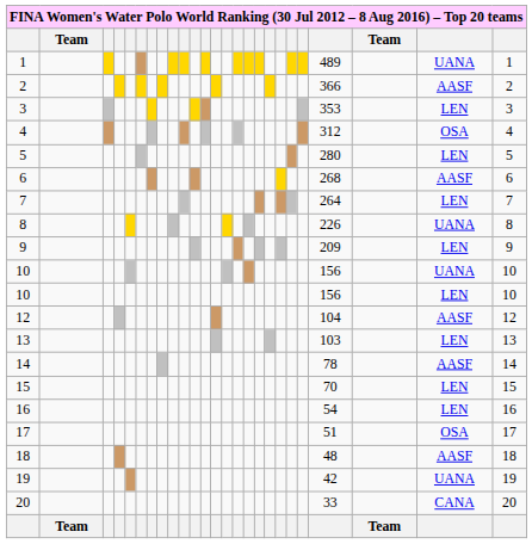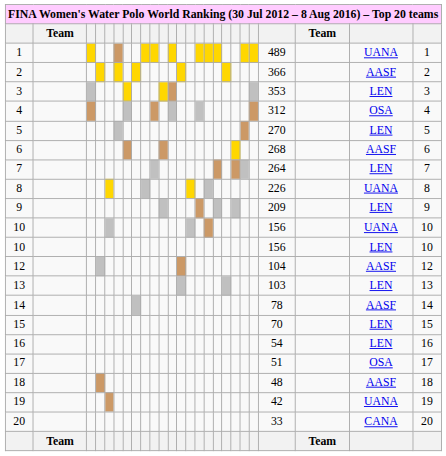 <table class="wikitable" style="text-align: center; font-size: 80%; margin-left: 1em;">
 <tr>
 <th colspan="25" style="background-color: #ffccff;">FINA Women's Water Polo World Ranking (30 Jul 2012 – 8 Aug 2016) – Top 20 teams</th>
 </tr>
 <tr>
 <th></th>
 <th>Team</th>
 <th><a href='#'></a></th>
 <th><a href='#'></a></th>
 <th><a href='#'></a></th>
 <th><a href='#'></a></th>
 <th><a href='#'></a></th>
 <th><a href='#'></a></th>
 <th><a href='#'></a></th>
 <th><a href='#'></a></th>
 <th><a href='#'></a></th>
 <th><a href='#'></a></th>
 <th><a href='#'></a></th>
 <th><a href='#'></a></th>
 <th><a href='#'></a></th>
 <th><a href='#'></a></th>
 <th><a href='#'></a></th>
 <th><a href='#'></a></th>
 <th><a href='#'></a></th>
 <th><a href='#'></a></th>
 <th><a href='#'></a></th>
 <th></th>
 <th>Team</th>
 <th></th>
 <th></th>
 </tr>
 <tr>
 <td>1</td>
 <td style="text-align: left;"></td>
 <td style="background-color: gold;"></td>
 <td></td>
 <td></td>
 <td style="background-color: #cc9966;"></td>
 <td></td>
 <td></td>
 <td style="background-color: gold;"></td>
 <td style="background-color: gold;"></td>
 <td></td>
 <td style="background-color: gold;"></td>
 <td></td>
 <td></td>
 <td style="background-color: gold;"></td>
 <td style="background-color: gold;"></td>
 <td style="background-color: gold;"></td>
 <td></td>
 <td></td>
 <td style="background-color: gold;"></td>
 <td style="background-color: gold;"></td>
 <td>489</td>
 <td style="text-align: left;"></td>
 <td><a href='#'>UANA</a></td>
 <td>1</td>
 </tr>
 <tr>
 <td>2</td>
 <td style="text-align: left;"></td>
 <td></td>
 <td style="background-color: gold;"></td>
 <td></td>
 <td style="background-color: gold;"></td>
 <td></td>
 <td style="background-color: gold;"></td>
 <td></td>
 <td></td>
 <td></td>
 <td></td>
 <td style="background-color: gold;"></td>
 <td></td>
 <td></td>
 <td></td>
 <td></td>
 <td style="background-color: gold;"></td>
 <td></td>
 <td></td>
 <td></td>
 <td>366</td>
 <td style="text-align: left;"></td>
 <td><a href='#'>AASF</a></td>
 <td>2</td>
 </tr>
 <tr>
 <td>3</td>
 <td style="text-align: left;"></td>
 <td style="background-color: silver;"></td>
 <td></td>
 <td></td>
 <td></td>
 <td style="background-color: gold;"></td>
 <td></td>
 <td></td>
 <td></td>
 <td style="background-color: gold;"></td>
 <td style="background-color: #cc9966;"></td>
 <td></td>
 <td></td>
 <td></td>
 <td></td>
 <td></td>
 <td></td>
 <td></td>
 <td></td>
 <td style="background-color: silver;"></td>
 <td>353</td>
 <td style="text-align: left;"></td>
 <td><a href='#'>LEN</a></td>
 <td>3</td>
 </tr>
 <tr>
 <td>4</td>
 <td style="text-align: left;"></td>
 <td style="background-color: #cc9966;"></td>
 <td></td>
 <td></td>
 <td></td>
 <td style="background-color: silver;"></td>
 <td></td>
 <td></td>
 <td style="background-color: #cc9966;"></td>
 <td></td>
 <td style="background-color: silver;"></td>
 <td></td>
 <td></td>
 <td style="background-color: silver;"></td>
 <td></td>
 <td></td>
 <td></td>
 <td></td>
 <td></td>
 <td style="background-color: #cc9966;"></td>
 <td>312</td>
 <td style="text-align: left;"></td>
 <td><a href='#'>OSA</a></td>
 <td>4</td>
 </tr>
 <tr>
 <td>5</td>
 <td style="text-align: left;"></td>
 <td></td>
 <td></td>
 <td></td>
 <td style="background-color: silver;"></td>
 <td></td>
 <td></td>
 <td></td>
 <td></td>
 <td></td>
 <td></td>
 <td></td>
 <td></td>
 <td></td>
 <td></td>
 <td></td>
 <td></td>
 <td></td>
 <td style="background-color: #cc9966;"></td>
 <td></td>
-<td>280</td>
+<td>270</td>
 <td style="text-align: left;"></td>
 <td><a href='#'>LEN</a></td>
 <td>5</td>
 </tr>
 <tr>
 <td>6</td>
 <td style="text-align: left;"></td>
 <td></td>
 <td></td>
 <td></td>
 <td></td>
 <td style="background-color: #cc9966;"></td>
 <td></td>
 <td></td>
 <td></td>
 <td style="background-color: #cc9966;"></td>
 <td></td>
 <td></td>
 <td></td>
 <td></td>
 <td></td>
 <td></td>
 <td></td>
 <td style="background-color: gold;"></td>
 <td></td>
 <td></td>
 <td>268</td>
 <td style="text-align: left;"></td>
 <td><a href='#'>AASF</a></td>
 <td>6</td>
 </tr>
 <tr>
 <td>7</td>
 <td style="text-align: left;"></td>
 <td></td>
 <td></td>
 <td></td>
 <td></td>
 <td></td>
 <td></td>
 <td></td>
 <td style="background-color: silver;"></td>
 <td></td>
 <td></td>
 <td></td>
 <td></td>
 <td></td>
 <td></td>
 <td style="background-color: #cc9966;"></td>
 <td></td>
 <td style="background-color: #cc9966;"></td>
 <td style="background-color: silver;"></td>
 <td></td>
 <td>264</td>
 <td style="text-align: left;"></td>
 <td><a href='#'>LEN</a></td>
 <td>7</td>
 </tr>
 <tr>
 <td>8</td>
 <td style="text-align: left;"></td>
 <td></td>
 <td></td>
 <td style="background-color: gold;"></td>
 <td></td>
 <td></td>
 <td></td>
 <td style="background-color: silver;"></td>
 <td></td>
 <td></td>
 <td></td>
 <td></td>
 <td style="background-color: gold;"></td>
 <td></td>
 <td style="background-color: silver;"></td>
 <td></td>
 <td></td>
 <td></td>
 <td></td>
 <td></td>
 <td>226</td>
 <td style="text-align: left;"></td>
 <td><a href='#'>UANA</a></td>
 <td>8</td>
 </tr>
 <tr>
 <td>9</td>
 <td style="text-align: left;"></td>
 <td></td>
 <td></td>
 <td></td>
 <td></td>
 <td></td>
 <td></td>
 <td></td>
 <td></td>
 <td style="background-color: silver;"></td>
 <td></td>
 <td></td>
 <td></td>
 <td style="background-color: #cc9966;"></td>
 <td></td>
 <td style="background-color: silver;"></td>
 <td></td>
 <td style="background-color: silver;"></td>
 <td></td>
 <td></td>
 <td>209</td>
 <td style="text-align: left;"></td>
 <td><a href='#'>LEN</a></td>
 <td>9</td>
 </tr>
 <tr>
 <td>10</td>
 <td style="text-align: left;"></td>
 <td></td>
 <td></td>
 <td style="background-color: silver;"></td>
 <td></td>
 <td></td>
 <td></td>
 <td></td>
 <td></td>
 <td></td>
 <td></td>
 <td></td>
 <td style="background-color: silver;"></td>
 <td></td>
 <td style="background-color: #cc9966;"></td>
 <td></td>
 <td></td>
 <td></td>
 <td></td>
 <td></td>
 <td>156</td>
 <td style="text-align: left;"></td>
 <td><a href='#'>UANA</a></td>
 <td>10</td>
 </tr>
 <tr>
 <td>10</td>
 <td style="text-align: left;"></td>
 <td></td>
 <td></td>
 <td></td>
 <td></td>
 <td></td>
 <td></td>
 <td></td>
 <td></td>
 <td></td>
 <td></td>
 <td></td>
 <td></td>
 <td></td>
 <td></td>
 <td></td>
 <td></td>
 <td></td>
 <td></td>
 <td></td>
 <td>156</td>
 <td style="text-align: left;"></td>
 <td><a href='#'>LEN</a></td>
 <td>10</td>
 </tr>
 <tr>
 <td>12</td>
 <td style="text-align: left;"></td>
 <td></td>
 <td style="background-color: silver;"></td>
 <td></td>
 <td></td>
 <td></td>
 <td></td>
 <td></td>
 <td></td>
 <td></td>
 <td></td>
 <td style="background-color: #cc9966;"></td>
 <td></td>
 <td></td>
 <td></td>
 <td></td>
 <td></td>
 <td></td>
 <td></td>
 <td></td>
 <td>104</td>
 <td style="text-align: left;"></td>
 <td><a href='#'>AASF</a></td>
 <td>12</td>
 </tr>
 <tr>
 <td>13</td>
 <td style="text-align: left;"></td>
 <td></td>
 <td></td>
 <td></td>
 <td></td>
 <td></td>
 <td></td>
 <td></td>
 <td></td>
 <td></td>
 <td></td>
 <td style="background-color: silver;"></td>
 <td></td>
 <td></td>
 <td></td>
 <td></td>
 <td style="background-color: silver;"></td>
 <td></td>
 <td></td>
 <td></td>
 <td>103</td>
 <td style="text-align: left;"></td>
 <td><a href='#'>LEN</a></td>
 <td>13</td>
 </tr>
 <tr>
 <td>14</td>
 <td style="text-align: left;"></td>
 <td></td>
 <td></td>
 <td></td>
 <td></td>
 <td></td>
 <td style="background-color: silver;"></td>
 <td></td>
 <td></td>
 <td></td>
 <td></td>
 <td></td>
 <td></td>
 <td></td>
 <td></td>
 <td></td>
 <td></td>
 <td></td>
 <td></td>
 <td></td>
 <td>78</td>
 <td style="text-align: left;"></td>
 <td><a href='#'>AASF</a></td>
 <td>14</td>
 </tr>
 <tr>
 <td>15</td>
 <td style="text-align: left;"></td>
 <td></td>
 <td></td>
 <td></td>
 <td></td>
 <td></td>
 <td></td>
 <td></td>
 <td></td>
 <td></td>
 <td></td>
 <td></td>
 <td></td>
 <td></td>
 <td></td>
 <td></td>
 <td></td>
 <td></td>
 <td></td>
 <td></td>
 <td>70</td>
 <td style="text-align: left;"></td>
 <td><a href='#'>LEN</a></td>
 <td>15</td>
 </tr>
 <tr>
 <td>16</td>
 <td style="text-align: left;"></td>
 <td></td>
 <td></td>
 <td></td>
 <td></td>
 <td></td>
 <td></td>
 <td></td>
 <td></td>
 <td></td>
 <td></td>
 <td></td>
 <td></td>
 <td></td>
 <td></td>
 <td></td>
 <td></td>
 <td></td>
 <td></td>
 <td></td>
 <td>54</td>
 <td style="text-align: left;"></td>
 <td><a href='#'>LEN</a></td>
 <td>16</td>
 </tr>
 <tr>
 <td>17</td>
 <td style="text-align: left;"></td>
 <td></td>
 <td></td>
 <td></td>
 <td></td>
 <td></td>
 <td></td>
 <td></td>
 <td></td>
 <td></td>
 <td></td>
 <td></td>
 <td></td>
 <td></td>
 <td></td>
 <td></td>
 <td></td>
 <td></td>
 <td></td>
 <td></td>
 <td>51</td>
 <td style="text-align: left;"></td>
 <td><a href='#'>OSA</a></td>
 <td>17</td>
 </tr>
 <tr>
 <td>18</td>
 <td style="text-align: left;"></td>
 <td></td>
 <td style="background-color: #cc9966;"></td>
 <td></td>
 <td></td>
 <td></td>
 <td></td>
 <td></td>
 <td></td>
 <td></td>
 <td></td>
 <td></td>
 <td></td>
 <td></td>
 <td></td>
 <td></td>
 <td></td>
 <td></td>
 <td></td>
 <td></td>
 <td>48</td>
 <td style="text-align: left;"></td>
 <td><a href='#'>AASF</a></td>
 <td>18</td>
 </tr>
 <tr>
 <td>19</td>
 <td style="text-align: left;"></td>
 <td></td>
 <td></td>
 <td style="background-color: #cc9966;"></td>
 <td></td>
 <td></td>
 <td></td>
 <td></td>
 <td></td>
 <td></td>
 <td></td>
 <td></td>
 <td></td>
 <td></td>
 <td></td>
 <td></td>
 <td></td>
 <td></td>
 <td></td>
 <td></td>
 <td>42</td>
 <td style="text-align: left;"></td>
 <td><a href='#'>UANA</a></td>
 <td>19</td>
 </tr>
 <tr>
 <td>20</td>
 <td style="text-align: left;"></td>
 <td></td>
 <td></td>
 <td></td>
 <td></td>
 <td></td>
 <td></td>
 <td></td>
 <td></td>
 <td></td>
 <td></td>
 <td></td>
 <td></td>
 <td></td>
 <td></td>
 <td></td>
 <td></td>
 <td></td>
 <td></td>
 <td></td>
 <td>33</td>
 <td style="text-align: left;"></td>
 <td><a href='#'>CANA</a></td>
 <td>20</td>
 </tr>
 <tr>
 <th></th>
 <th>Team</th>
 <th><a href='#'></a></th>
 <th><a href='#'></a></th>
 <th><a href='#'></a></th>
 <th><a href='#'></a></th>
 <th><a href='#'></a></th>
 <th><a href='#'></a></th>
 <th><a href='#'></a></th>
 <th><a href='#'></a></th>
 <th><a href='#'></a></th>
 <th><a href='#'></a></th>
 <th><a href='#'></a></th>
 <th><a href='#'></a></th>
 <th><a href='#'></a></th>
 <th><a href='#'></a></th>
 <th><a href='#'></a></th>
 <th><a href='#'></a></th>
 <th><a href='#'></a></th>
 <th><a href='#'></a></th>
 <th><a href='#'></a></th>
 <th></th>
 <th>Team</th>
 <th></th>
 <th></th>
 </tr>
 </table>
